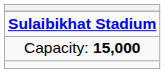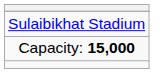 <table class="wikitable" style="text-align:center">
 <tr>
 <th colspan="1"></th>
 </tr>
 <tr ! >
 </tr>
 <tr>
-<td><strong><a href='#'>Sulaibikhat Stadium</a></strong></td>
+<td><a href='#'>Sulaibikhat Stadium</a></td>
 </tr>
 <tr>
 <td>Capacity: <strong>15,000</strong></td>
 </tr>
 <tr>
 <td></td>
 </tr>
 </table>
